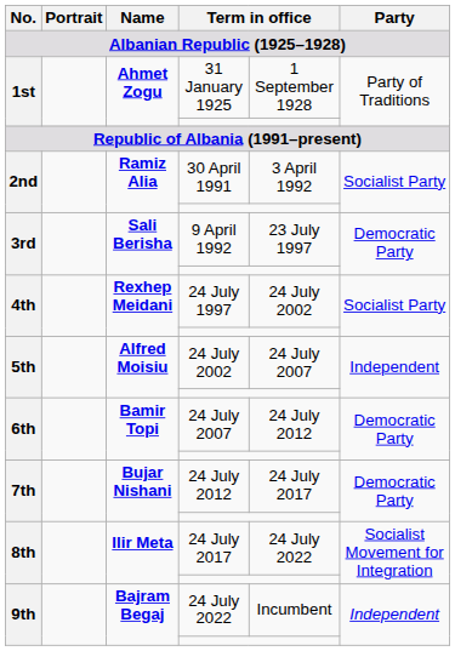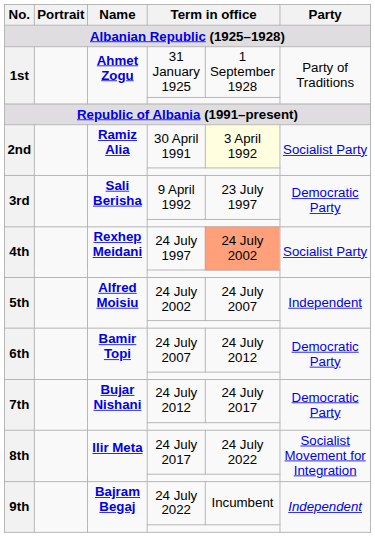 <table class="wikitable" style="text-align:center;"  width="50%">
 <tr>
 <th>No.</th>
 <th>Portrait</th>
 <th>Name</th>
 <th colspan=2>Term in office</th>
 <th>Party</th>
 </tr>
 <tr>
 <td colspan="6" bgcolor="#dfdde0" align=center> <strong><a href='#'>Albanian Republic</a> (1925–1928)</strong></td>
 </tr>
 <tr>
 <th rowspan="2" style="background:">1st</th>
 <td rowspan="2"></td>
 <td rowspan="2"><strong><a href='#'>Ahmet Zogu</a></strong><br><br></td>
 <td>31 January 1925</td>
 <td>1 September 1928</td>
 <td rowspan="2">Party of Traditions</td>
 </tr>
 <tr>
 <td colspan="2"><em></em></td>
 </tr>
 <tr>
 <td colspan="6" bgcolor="#dfdde0" align=center> <strong><a href='#'>Republic of Albania</a> (1991–present)</strong></td>
 </tr>
 <tr>
 <th rowspan="2" style="background:">2nd</th>
 <td rowspan="2"></td>
 <td rowspan="2"><strong><a href='#'>Ramiz Alia</a></strong><br><br></td>
 <td>30 April 1991</td>
-<td>3 April 1992</td>
+<td style="background: lightyellow;">3 April 1992</td>
 <td rowspan="2"><a href='#'>Socialist Party</a></td>
 </tr>
 <tr>
 <td colspan="2"><em></em></td>
 </tr>
 <tr>
 <th rowspan="2" style="background:">3rd</th>
 <td rowspan="2"></td>
 <td rowspan="2"><strong><a href='#'>Sali Berisha</a></strong><br><br></td>
 <td>9 April 1992</td>
 <td>23 July 1997</td>
 <td rowspan="2"><a href='#'>Democratic Party</a></td>
 </tr>
 <tr>
 <td colspan="2"><em></em></td>
 </tr>
 <tr>
 <th rowspan="2" style="background:">4th</th>
 <td rowspan="2"></td>
 <td rowspan="2"><strong><a href='#'>Rexhep Meidani</a></strong><br><br></td>
 <td>24 July 1997</td>
-<td>24 July 2002</td>
+<td style="background: lightsalmon;">24 July 2002</td>
 <td rowspan="2"><a href='#'>Socialist Party</a></td>
 </tr>
 <tr>
 <td colspan="2"><em></em></td>
 </tr>
 <tr>
 <th rowspan="2" style="background:">5th</th>
 <td rowspan="2"></td>
 <td rowspan="2"><strong><a href='#'>Alfred Moisiu</a></strong><br><br></td>
 <td>24 July 2002</td>
 <td>24 July 2007</td>
 <td rowspan="2"><a href='#'>Independent</a></td>
 </tr>
 <tr>
 <td colspan="2"><em></em></td>
 </tr>
 <tr>
 <th rowspan="2" style="background:">6th</th>
 <td rowspan="2"></td>
 <td rowspan="2"><strong><a href='#'>Bamir Topi</a></strong><br><br></td>
 <td>24 July 2007</td>
 <td>24 July 2012</td>
 <td rowspan="2"><a href='#'>Democratic Party</a></td>
 </tr>
 <tr>
 <td colspan="2"><em></em></td>
 </tr>
 <tr>
 <th rowspan="2" style="background:">7th</th>
 <td rowspan="2"></td>
 <td rowspan="2"><strong><a href='#'>Bujar Nishani</a></strong><br><br></td>
 <td>24 July 2012</td>
 <td>24 July 2017</td>
 <td rowspan="2"><a href='#'>Democratic Party</a></td>
 </tr>
 <tr>
 <td colspan="2"><em></em></td>
 </tr>
 <tr>
 <th rowspan="2" style="background:">8th</th>
 <td rowspan="2"></td>
 <td rowspan="2"><strong><a href='#'>Ilir Meta</a></strong><br><br></td>
 <td>24 July 2017</td>
 <td>24 July 2022</td>
 <td rowspan="2"><a href='#'>Socialist Movement for Integration</a></td>
 </tr>
 <tr>
 <td colspan="2"><em></em></td>
 </tr>
 <tr>
 <th rowspan="2" style="background:">9th</th>
 <td rowspan="2"></td>
 <td rowspan="2"><strong><a href='#'>Bajram Begaj</a></strong><br><em></em><br></td>
 <td>24 July 2022</td>
 <td>Incumbent</td>
 <td rowspan="2"><em><a href='#'>Independent</a></em></td>
 </tr>
 <tr>
 <td colspan="2"><em></em></td>
 </tr>
 </table>
